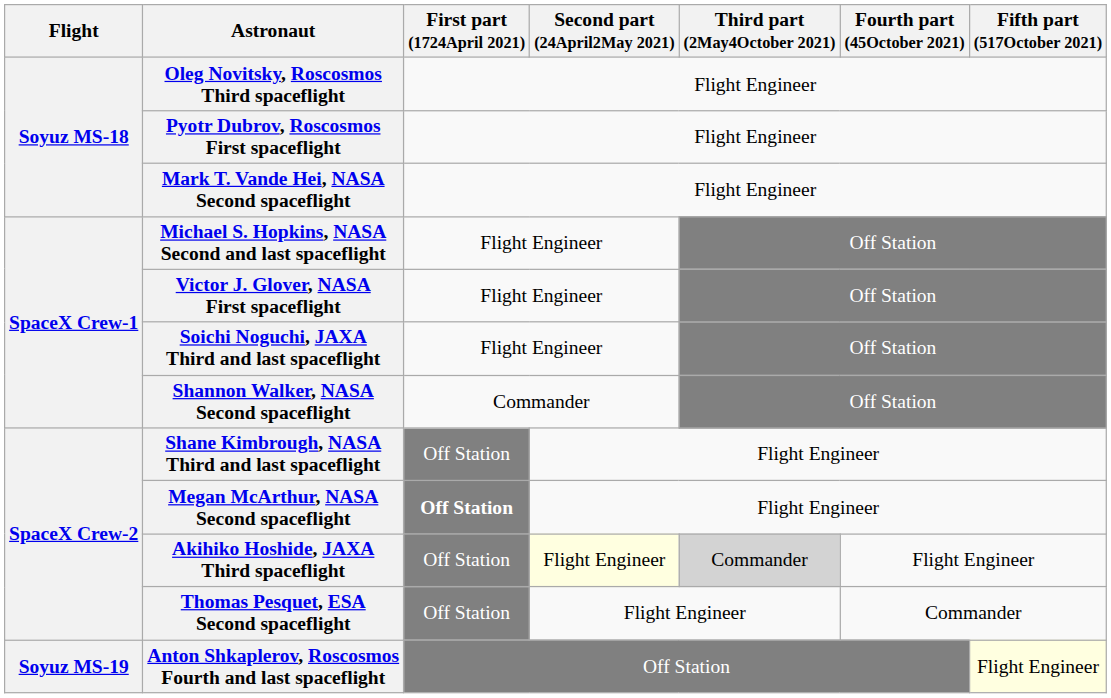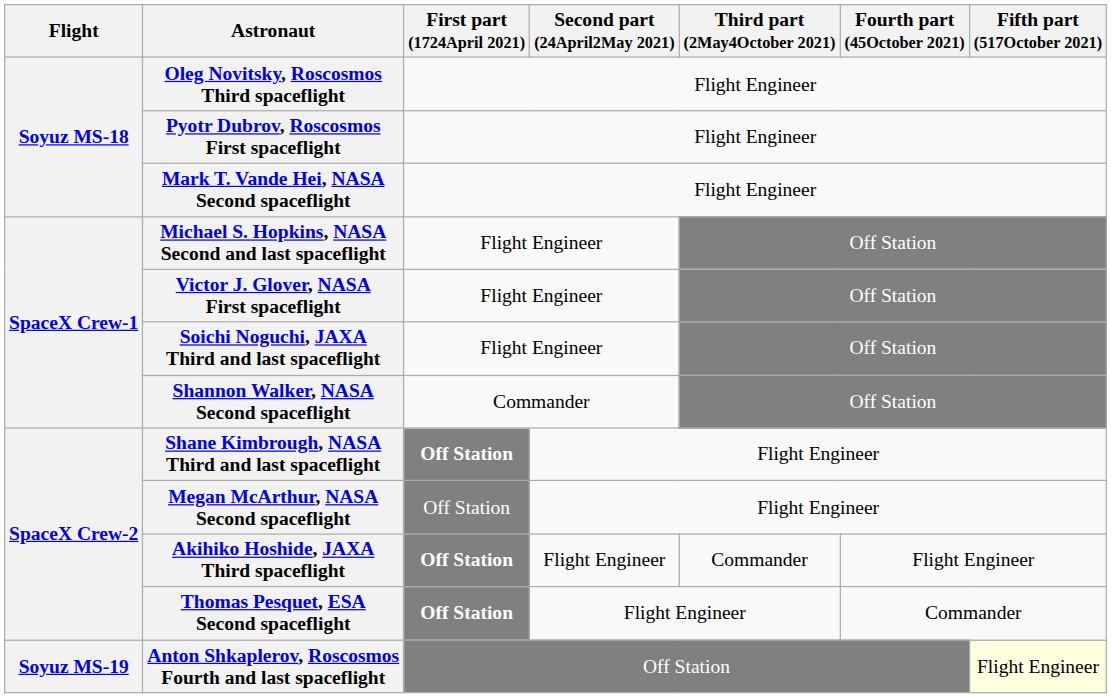 <table class="wikitable" style="text-align:center;">
 <tr>
 <th>Flight</th>
 <th>Astronaut</th>
 <th>First part<br><small>(1724April 2021)</small></th>
 <th>Second part<br><small>(24April2May 2021)</small></th>
 <th>Third part<br><small>(2May4October 2021)</small></th>
 <th>Fourth part<br><small>(45October 2021)</small></th>
 <th>Fifth part<br><small>(517October 2021)</small></th>
 </tr>
 <tr>
 <th rowspan="3"><a href='#'>Soyuz MS-18</a></th>
 <th> <a href='#'>Oleg Novitsky</a>, <a href='#'>Roscosmos</a><br> Third spaceflight</th>
 <td colspan="5">Flight Engineer</td>
 </tr>
 <tr>
 <th> <a href='#'>Pyotr Dubrov</a>, <a href='#'>Roscosmos</a> <br> First spaceflight</th>
 <td colspan="5">Flight Engineer</td>
 </tr>
 <tr>
 <th> <a href='#'>Mark T. Vande Hei</a>, <a href='#'>NASA</a> <br> Second spaceflight</th>
 <td colspan="5">Flight Engineer</td>
 </tr>
 <tr>
 <th rowspan="4"><a href='#'>SpaceX Crew-1</a></th>
 <th> <a href='#'>Michael S. Hopkins</a>, <a href='#'>NASA</a><br>Second and last spaceflight</th>
 <td colspan="2">Flight Engineer</td>
 <td style="background:grey; color:white;"colspan="3">Off Station</td>
 </tr>
 <tr>
 <th> <a href='#'>Victor J. Glover</a>, <a href='#'>NASA</a><br>First spaceflight</th>
 <td colspan="2">Flight Engineer</td>
 <td style="background:grey; color:white;"colspan="3">Off Station</td>
 </tr>
 <tr>
 <th> <a href='#'>Soichi Noguchi</a>, <a href='#'>JAXA</a><br>Third and last spaceflight</th>
 <td colspan="2">Flight Engineer</td>
 <td style="background:grey; color:white;"colspan="3">Off Station</td>
 </tr>
 <tr>
 <th> <a href='#'>Shannon Walker</a>, <a href='#'>NASA</a><br>Second spaceflight</th>
 <td colspan="2">Commander</td>
 <td style="background:grey; color:white;"colspan="3">Off Station</td>
 </tr>
 <tr>
 <th rowspan="4"><a href='#'>SpaceX Crew-2</a></th>
 <th> <a href='#'>Shane Kimbrough</a>, <a href='#'>NASA</a><br> Third and last spaceflight</th>
+<td style="background:grey; color:white;"colspan="1"><strong>Off Station</strong></td>
+<td colspan="4">Flight Engineer</td>
+</tr>
+<tr>
+<th> <a href='#'>Megan McArthur</a>, <a href='#'>NASA</a><br> Second spaceflight</th>
 <td style="background:grey; color:white;"colspan="1">Off Station</td>
 <td colspan="4">Flight Engineer</td>
 </tr>
 <tr>
-<th> <a href='#'>Megan McArthur</a>, <a href='#'>NASA</a><br> Second spaceflight</th>
+<th> <a href='#'>Akihiko Hoshide</a>, <a href='#'>JAXA</a> <br>Third spaceflight</th>
 <td style="background:grey; color:white;"colspan="1"><strong>Off Station</strong></td>
-<td colspan="4">Flight Engineer</td>
-</tr>
-<tr>
-<th> <a href='#'>Akihiko Hoshide</a>, <a href='#'>JAXA</a> <br>Third spaceflight</th>
-<td style="background:grey; color:white;"colspan="1">Off Station</td>
-<td colspan="1" style="background: lightyellow;">Flight Engineer</td>
-<td colspan="1" style="background: lightgrey;">Commander</td>
+<td colspan="1">Flight Engineer</td>
+<td colspan="1">Commander</td>
 <td colspan="2">Flight Engineer</td>
 </tr>
 <tr>
 <th> <a href='#'>Thomas Pesquet</a>, <a href='#'>ESA</a><br> Second spaceflight</th>
-<td style="background:grey; color:white;"colspan="1">Off Station</td>
+<td style="background:grey; color:white;"colspan="1"><strong>Off Station</strong></td>
 <td colspan="2">Flight Engineer</td>
 <td colspan="2">Commander</td>
 </tr>
 <tr>
 <th><a href='#'>Soyuz MS-19</a></th>
 <th> <a href='#'>Anton Shkaplerov</a>, <a href='#'>Roscosmos</a> <br> Fourth and last spaceflight</th>
 <td style="background:grey; color:white;"colspan="4">Off Station</td>
 <td colspan="1" style="background: lightyellow;">Flight Engineer</td>
 </tr>
 </table>
